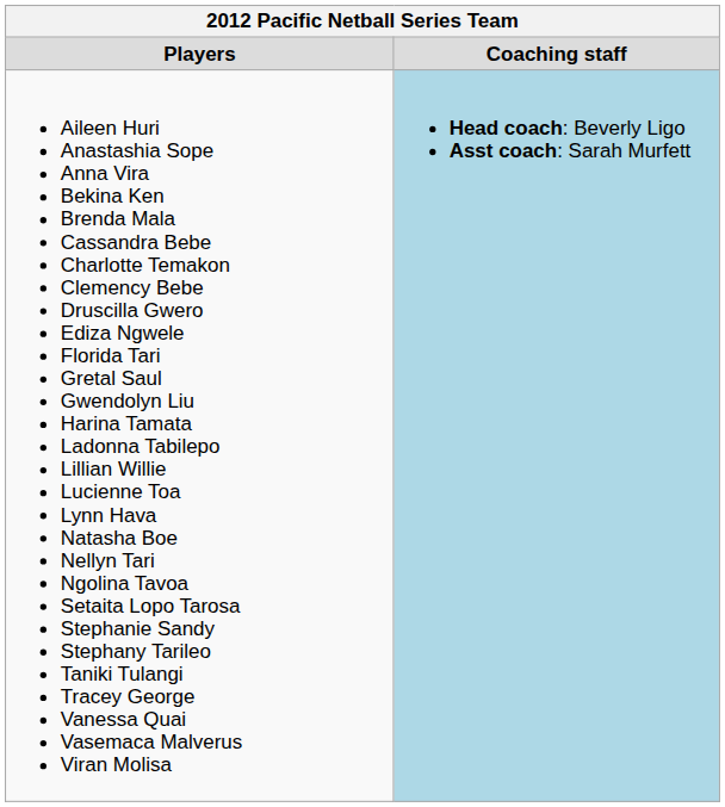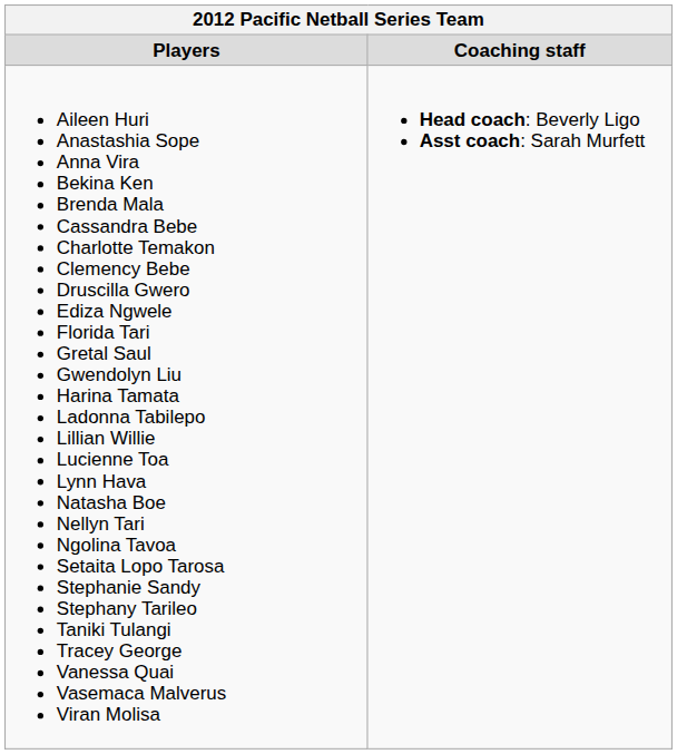 <table class="wikitable collapsible collapsed">
 <tr>
 <th colspan="2">2012 Pacific Netball Series Team</th>
 </tr>
 <tr style="text-align:center; background:gainsboro;">
 <td style="width:300px; "><strong>Players</strong></td>
 <td style="width:250px; "><strong>Coaching staff</strong></td>
 </tr>
 <tr>
 <td><br><ul><li>Aileen Huri</li><li>Anastashia Sope</li><li>Anna Vira</li><li>Bekina Ken</li><li>Brenda Mala</li><li>Cassandra Bebe</li><li>Charlotte Temakon</li><li>Clemency Bebe</li><li>Druscilla Gwero</li><li>Ediza Ngwele</li><li>Florida Tari</li><li>Gretal Saul</li><li>Gwendolyn Liu</li><li>Harina Tamata</li><li>Ladonna Tabilepo</li><li>Lillian Willie</li><li>Lucienne Toa</li><li>Lynn Hava</li><li>Natasha Boe</li><li>Nellyn Tari</li><li>Ngolina Tavoa</li><li>Setaita Lopo Tarosa</li><li>Stephanie Sandy</li><li>Stephany Tarileo</li><li>Taniki Tulangi</li><li>Tracey George</li><li>Vanessa Quai</li><li>Vasemaca Malverus</li><li>Viran Molisa</li></ul></td>
-<td valign=top style="background: lightblue;"><br><ul><li><strong>Head coach</strong>: Beverly Ligo</li><li><strong>Asst coach</strong>: Sarah Murfett</li></ul></td>
+<td valign=top><br><ul><li><strong>Head coach</strong>: Beverly Ligo</li><li><strong>Asst coach</strong>: Sarah Murfett</li></ul></td>
 </tr>
 </table>
